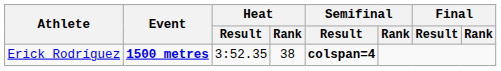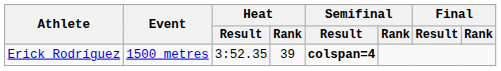 <table class=wikitable style=font-size:90%>
 <tr>
 <th rowspan=2>Athlete</th>
 <th rowspan=2>Event</th>
 <th colspan=2>Heat</th>
 <th colspan=2>Semifinal</th>
 <th colspan=2>Final</th>
 </tr>
 <tr style=font-size:95%>
 <th>Result</th>
 <th>Rank</th>
 <th>Result</th>
 <th>Rank</th>
 <th>Result</th>
 <th>Rank</th>
 </tr>
 <tr align=center>
 <td align=left><a href='#'>Erick Rodríguez</a></td>
-<td align=left><strong><a href='#'>1500 metres</a></strong></td>
+<td align=left><a href='#'>1500 metres</a></td>
 <td>3:52.35 <strong></strong></td>
-<td>38</td>
+<td>39</td>
 <td><strong>colspan=4 </strong></td>
 </tr>
 </table>
